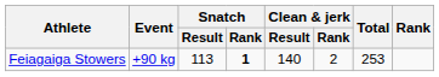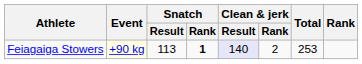 <table class="wikitable" style="font-size:90%">
 <tr>
 <th rowspan=2>Athlete</th>
 <th rowspan=2>Event</th>
 <th colspan="2">Snatch</th>
 <th colspan="2">Clean & jerk</th>
 <th rowspan="2">Total</th>
 <th rowspan="2">Rank</th>
 </tr>
 <tr style="font-size:95%">
 <th>Result</th>
 <th>Rank</th>
 <th>Result</th>
 <th>Rank</th>
 </tr>
 <tr align=center>
 <td align=left><a href='#'>Feiagaiga Stowers</a></td>
-<td align=left><a href='#'>+90 kg</a></td>
+<td align=left style="background: lightyellow;"><a href='#'>+90 kg</a></td>
 <td>113</td>
 <td><strong>1</strong></td>
-<td>140</td>
+<td style="background: lavender;">140</td>
 <td>2</td>
 <td>253</td>
 <td></td>
 </tr>
 </table>
